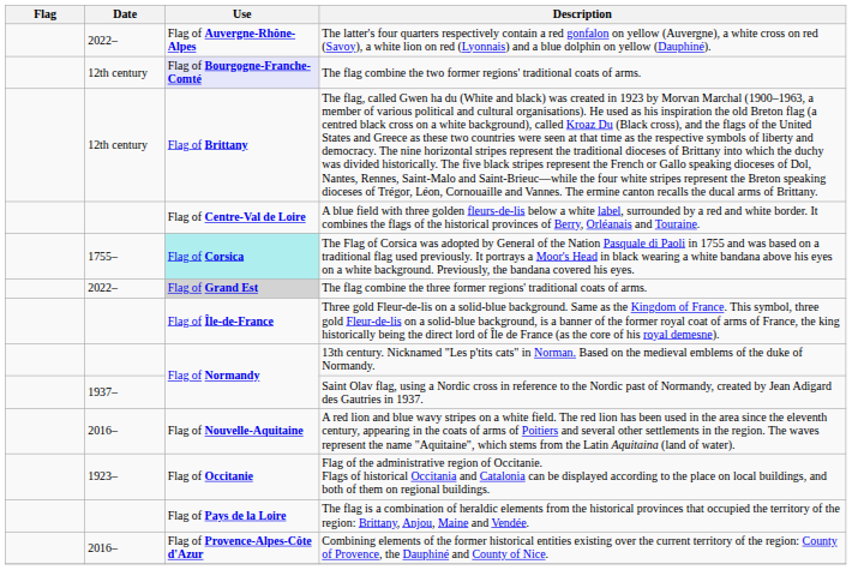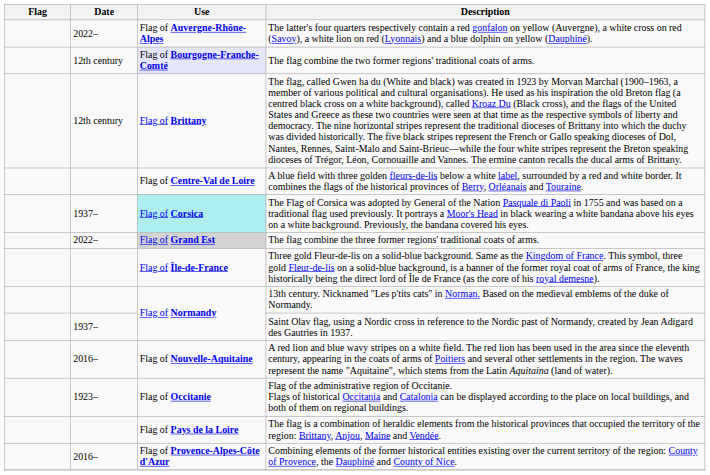 <table class="wikitable">
 <tr>
 <th style="width:100px;">Flag</th>
 <th style="width:100px;">Date</th>
 <th style="width:200px;">Use</th>
 <th style="width:700px;">Description</th>
 </tr>
 <tr>
 <td></td>
 <td>2022–</td>
 <td>Flag of <strong><a href='#'>Auvergne-Rhône-Alpes</a></strong></td>
 <td>The latter's four quarters respectively contain a red <a href='#'>gonfalon</a> on yellow (Auvergne), a white cross on red (<a href='#'>Savoy</a>), a white lion on red (<a href='#'>Lyonnais</a>) and a blue dolphin on yellow (<a href='#'>Dauphiné</a>).</td>
 </tr>
 <tr>
 <td></td>
 <td>12th century</td>
 <td style="background: lavender;">Flag of <strong><a href='#'>Bourgogne-Franche-Comté</a></strong></td>
 <td>The flag combine the two former regions' traditional coats of arms.</td>
 </tr>
 <tr>
 <td></td>
 <td>12th century</td>
 <td><a href='#'>Flag of</a> <strong><a href='#'>Brittany</a></strong></td>
 <td>The flag, called Gwen ha du (White and black) was created in 1923 by Morvan Marchal (1900–1963, a member of various political and cultural organisations). He used as his inspiration the old Breton flag (a centred black cross on a white background), called <a href='#'>Kroaz Du</a> (Black cross), and the flags of the United States and Greece as these two countries were seen at that time as the respective symbols of liberty and democracy. The nine horizontal stripes represent the traditional dioceses of Brittany into which the duchy was divided historically. The five black stripes represent the French or Gallo speaking dioceses of Dol, Nantes, Rennes, Saint-Malo and Saint-Brieuc—while the four white stripes represent the Breton speaking dioceses of Trégor, Léon, Cornouaille and Vannes. The ermine canton recalls the ducal arms of Brittany.</td>
 </tr>
 <tr>
 <td></td>
 <td></td>
 <td>Flag of <strong><a href='#'>Centre-Val de Loire</a></strong></td>
 <td>A blue field with three golden <a href='#'>fleurs-de-lis</a> below a white <a href='#'>label</a>, surrounded by a red and white border. It combines the flags of the historical provinces of <a href='#'>Berry</a>, <a href='#'>Orléanais</a> and <a href='#'>Touraine</a>.</td>
 </tr>
 <tr>
 <td></td>
-<td>1755–</td>
+<td>1937–</td>
 <td style="background: paleturquoise;"><a href='#'>Flag of</a> <strong><a href='#'>Corsica</a></strong></td>
 <td>The Flag of Corsica was adopted by General of the Nation <a href='#'>Pasquale di Paoli</a> in 1755 and was based on a traditional flag used previously. It portrays a <a href='#'>Moor's Head</a> in black wearing a white bandana above his eyes on a white background. Previously, the bandana covered his eyes.</td>
 </tr>
 <tr>
 <td></td>
 <td>2022–</td>
 <td style="background: lightgrey;"><a href='#'>Flag of</a> <strong><a href='#'>Grand Est</a></strong></td>
 <td>The flag combine the three former regions' traditional coats of arms.</td>
 </tr>
 <tr>
 <td></td>
 <td></td>
 <td><a href='#'>Flag of</a> <strong><a href='#'>Île-de-France</a></strong></td>
 <td>Three gold Fleur-de-lis on a solid-blue background. Same as the <a href='#'>Kingdom of France</a>. This symbol, three gold <a href='#'>Fleur-de-lis</a> on a solid-blue background, is a banner of the former royal coat of arms of France, the king historically being the direct lord of Île de France (as the core of his <a href='#'>royal demesne</a>).</td>
 </tr>
 <tr>
 <td></td>
 <td></td>
 <td rowspan="2"><a href='#'>Flag of</a> <strong><a href='#'>Normandy</a></strong></td>
 <td>13th century. Nicknamed "Les p'tits cats" in <a href='#'>Norman.</a> Based on the medieval emblems of the duke of Normandy.</td>
 </tr>
 <tr>
 <td></td>
 <td>1937–</td>
 <td>Saint Olav flag, using a Nordic cross in reference to the Nordic past of Normandy, created by Jean Adigard des Gautries in 1937.</td>
 </tr>
 <tr>
 <td></td>
 <td>2016–</td>
 <td>Flag of <strong><a href='#'>Nouvelle-Aquitaine</a></strong></td>
 <td>A red lion and blue wavy stripes on a white field. The red lion has been used in the area since the eleventh century, appearing in the coats of arms of <a href='#'>Poitiers</a> and several other settlements in the region. The waves represent the name "Aquitaine", which stems from the Latin <em>Aquitaina</em> (land of water).</td>
 </tr>
 <tr>
 <td></td>
 <td>1923–</td>
 <td>Flag of <strong><a href='#'>Occitanie</a></strong></td>
 <td>Flag of the administrative region of Occitanie.<br> Flags of historical <a href='#'>Occitania</a> and <a href='#'>Catalonia</a> can be displayed according to the place on local buildings, and both of them on regional buildings.</td>
 </tr>
 <tr>
 <td></td>
 <td></td>
 <td>Flag of <strong><a href='#'>Pays de la Loire</a></strong></td>
 <td>The flag is a combination of heraldic elements from the historical provinces that occupied the territory of the region: <a href='#'>Brittany</a>, <a href='#'>Anjou</a>, <a href='#'>Maine</a> and <a href='#'>Vendée</a>.</td>
 </tr>
 <tr>
 <td></td>
 <td>2016–</td>
 <td>Flag of <strong><a href='#'>Provence-Alpes-Côte d'Azur</a></strong></td>
 <td>Combining elements of the former historical entities existing over the current territory of the region: <a href='#'>County of Provence</a>, the <a href='#'>Dauphiné</a> and <a href='#'>County of Nice</a>.</td>
 </tr>
 <tr>
 </tr>
 </table>
